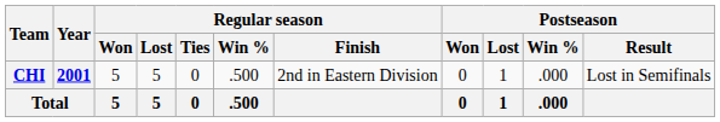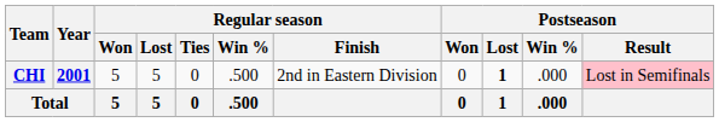 <table class="wikitable" style="font-size: 95%; text-align:center;">
 <tr>
 <th rowspan="2">Team</th>
 <th rowspan="2">Year</th>
 <th colspan="5">Regular season</th>
 <th colspan="4">Postseason</th>
 </tr>
 <tr>
 <th>Won</th>
 <th>Lost</th>
 <th>Ties</th>
 <th>Win %</th>
 <th>Finish</th>
 <th>Won</th>
 <th>Lost</th>
 <th>Win %</th>
 <th>Result</th>
 </tr>
 <tr>
 <th><a href='#'>CHI</a></th>
 <th><a href='#'>2001</a></th>
 <td>5</td>
 <td>5</td>
 <td>0</td>
 <td>.500</td>
 <td>2nd in Eastern Division</td>
 <td>0</td>
-<td>1</td>
+<td><strong>1</strong></td>
 <td>.000</td>
-<td>Lost in Semifinals</td>
+<td style="background: pink;">Lost in Semifinals</td>
 </tr>
 <tr>
 <th colspan="2">Total</th>
 <th>5</th>
 <th>5</th>
 <th>0</th>
 <th>.500</th>
 <th></th>
 <th>0</th>
 <th>1</th>
 <th>.000</th>
 <th></th>
 </tr>
 </table>
